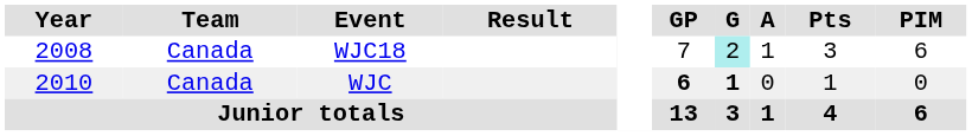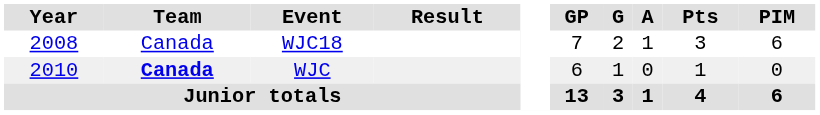 <table border="0" cellpadding="1" cellspacing="0" style="text-align:center; width:40em">
 <tr ALIGN="center" bgcolor="#e0e0e0">
 <th>Year</th>
 <th>Team</th>
 <th>Event</th>
 <th>Result</th>
 <th rowspan="99" bgcolor="#ffffff"> </th>
 <th>GP</th>
 <th>G</th>
 <th>A</th>
 <th>Pts</th>
 <th>PIM</th>
 </tr>
 <tr>
 <td><a href='#'>2008</a></td>
 <td><a href='#'>Canada</a></td>
 <td><a href='#'>WJC18</a></td>
 <td></td>
 <td>7</td>
-<td style="background: paleturquoise;">2</td>
+<td>2</td>
 <td>1</td>
 <td>3</td>
 <td>6</td>
 </tr>
 <tr bgcolor="#f0f0f0">
 <td><a href='#'>2010</a></td>
-<td><a href='#'>Canada</a></td>
+<td><strong><a href='#'>Canada</a></strong></td>
 <td><a href='#'>WJC</a></td>
 <td></td>
-<td><strong>6</strong></td>
-<td><strong>1</strong></td>
+<td>6</td>
+<td>1</td>
 <td>0</td>
 <td>1</td>
 <td>0</td>
 </tr>
 <tr bgcolor="#e0e0e0">
 <th colspan=4>Junior totals</th>
 <th>13</th>
 <th>3</th>
 <th>1</th>
 <th>4</th>
 <th>6</th>
 </tr>
 </table>
